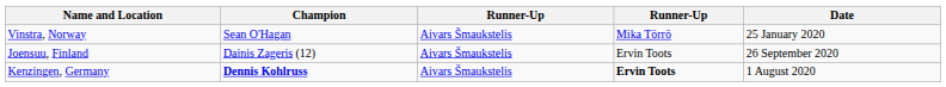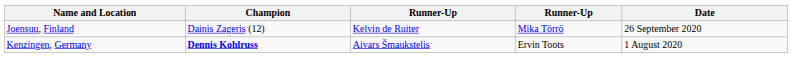 <table class="wikitable" style="display: inline-table;width: 100%;">
 <tr>
 <th scope="col">Name and Location</th>
 <th scope="col">Champion</th>
 <th scope="col">Runner-Up</th>
 <th scope="col">Runner-Up</th>
 <th scope="col">Date</th>
 </tr>
 <tr>
-<td> <a href='#'>Vinstra</a>, <a href='#'>Norway</a><br> </td>
-<td> <a href='#'>Sean O'Hagan</a></td>
-<td> <a href='#'>Aivars Šmaukstelis</a></td>
-<td> <a href='#'>Mika Törrö</a></td>
-<td>25 January 2020</td>
-</tr>
-<tr>
 <td> <a href='#'>Joensuu</a>, <a href='#'>Finland</a><br> </td>
 <td> <a href='#'>Dainis Zageris</a> (12)</td>
-<td> <a href='#'>Aivars Šmaukstelis</a></td>
-<td> Ervin Toots</td>
+<td> <a href='#'>Kelvin de Ruiter</a></td>
+<td> <a href='#'>Mika Törrö</a></td>
 <td>26 September 2020</td>
 </tr>
 <tr>
 <td> <a href='#'>Kenzingen</a>, <a href='#'>Germany</a><br> </td>
 <td><strong> <a href='#'>Dennis Kohlruss</a></strong></td>
 <td> <a href='#'>Aivars Šmaukstelis</a></td>
-<td><strong> Ervin Toots</strong></td>
+<td> Ervin Toots</td>
 <td>1 August 2020</td>
 </tr>
 </table>
